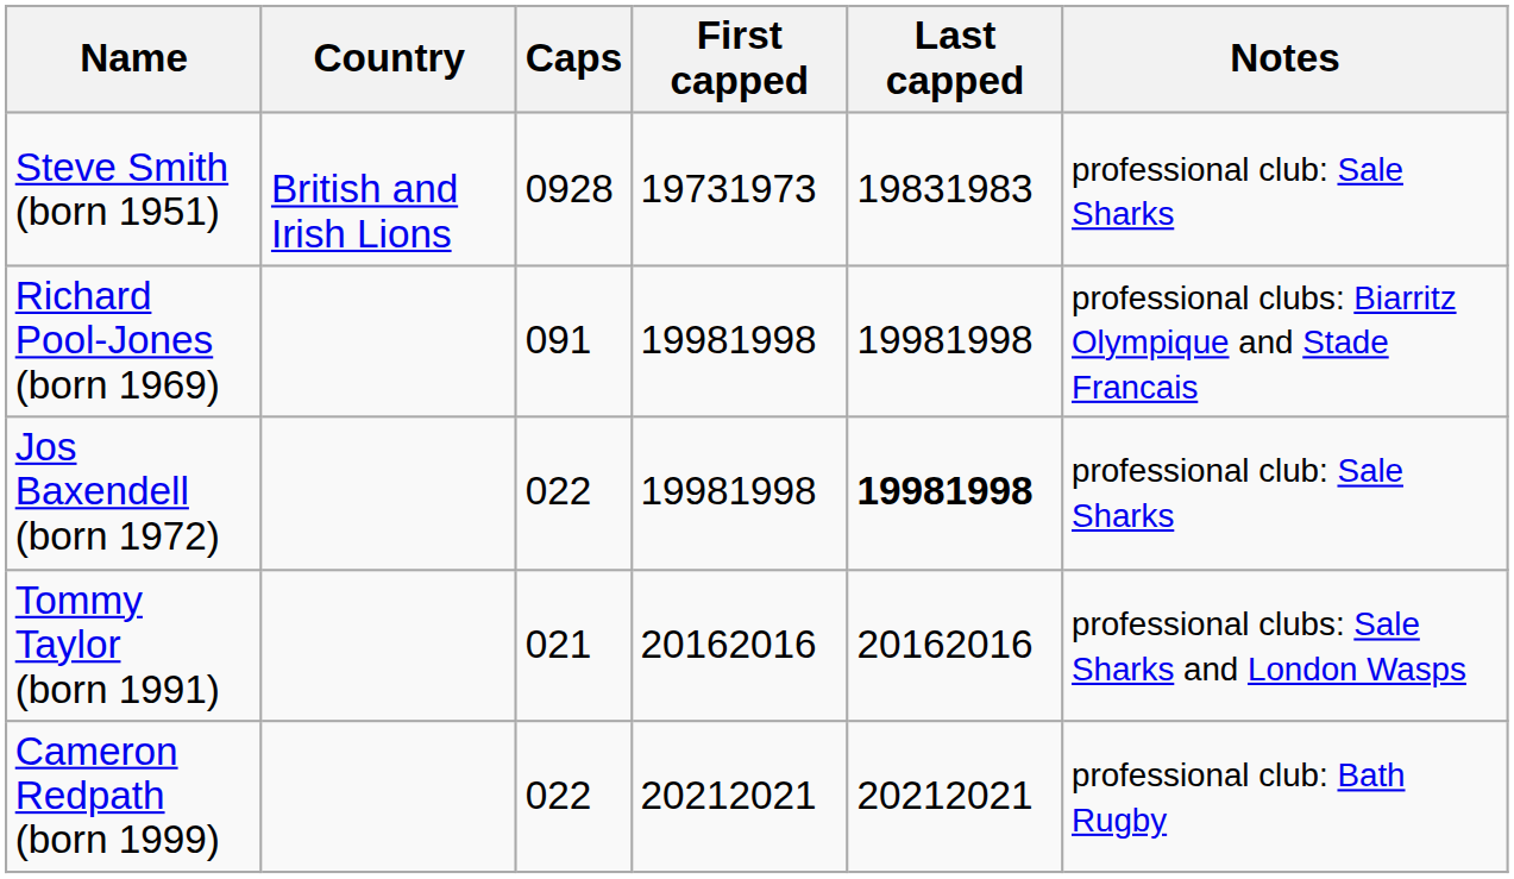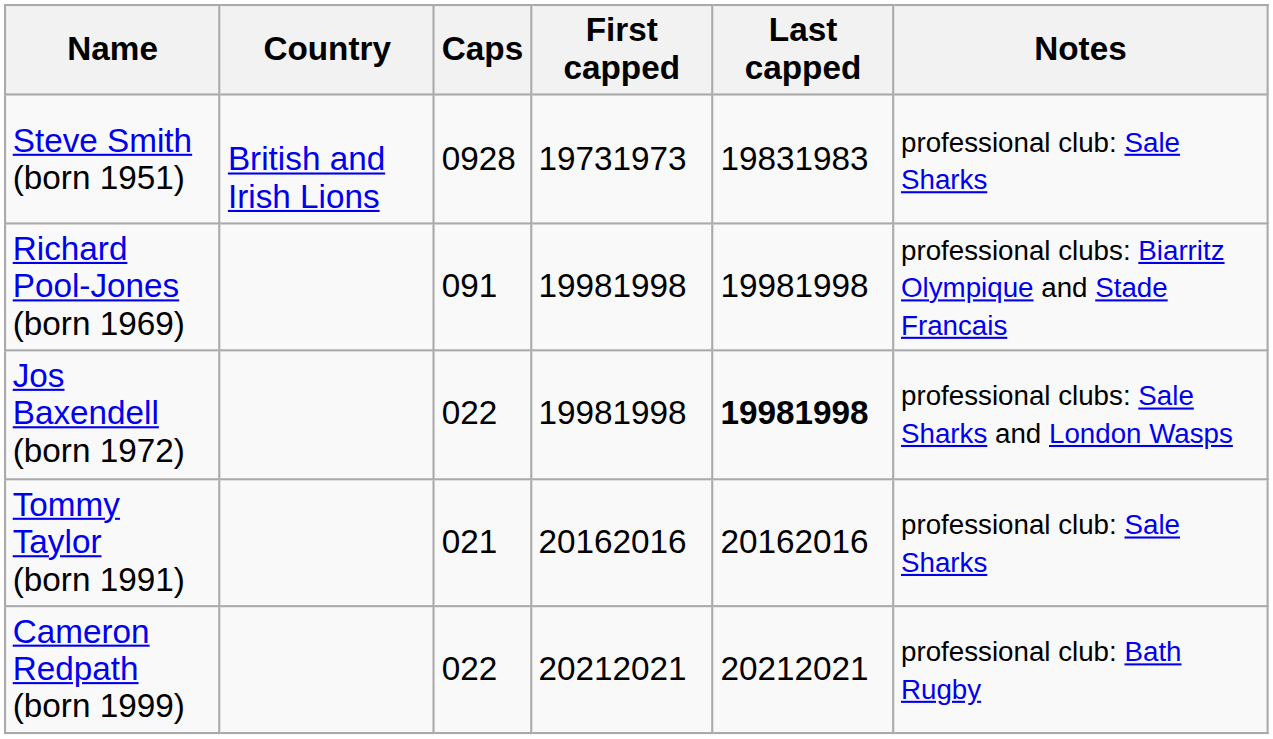 <table class="wikitable collapsible sortable collapsed" class="wikitable" style="font-size:95">
 <tr>
 <th>Name</th>
 <th>Country</th>
 <th>Caps</th>
 <th>First capped</th>
 <th>Last capped</th>
 <th>Notes</th>
 </tr>
 <tr>
 <td><a href='#'>Steve Smith</a><br>(born 1951)</td>
 <td><br> <a href='#'>British and Irish Lions</a></td>
 <td><span>09</span>28</td>
 <td><span>1973</span>1973</td>
 <td><span>1983</span>1983</td>
 <td><small>professional club: <a href='#'>Sale Sharks</a></small></td>
 </tr>
 <tr>
 <td><a href='#'>Richard Pool-Jones</a><br>(born 1969)</td>
 <td></td>
 <td><span>09</span>1</td>
 <td><span>1998</span>1998</td>
 <td><span>1998</span>1998</td>
 <td><small>professional clubs: <a href='#'>Biarritz Olympique</a> and <a href='#'>Stade Francais</a></small></td>
 </tr>
 <tr>
 <td><a href='#'>Jos Baxendell</a><br>(born 1972)</td>
 <td></td>
 <td><span>02</span>2</td>
 <td><span>1998</span>1998</td>
 <td><strong><span>1998</span>1998</strong></td>
-<td><small>professional club: <a href='#'>Sale Sharks</a></small></td>
+<td><small>professional clubs: <a href='#'>Sale Sharks</a> and <a href='#'>London Wasps</a></small></td>
 </tr>
 <tr>
 <td><a href='#'>Tommy Taylor</a><br>(born 1991)</td>
 <td></td>
 <td><span>02</span>1</td>
 <td><span>2016</span>2016</td>
 <td><span>2016</span>2016</td>
-<td><small>professional clubs: <a href='#'>Sale Sharks</a> and <a href='#'>London Wasps</a></small></td>
+<td><small>professional club: <a href='#'>Sale Sharks</a></small></td>
 </tr>
 <tr>
 <td><a href='#'>Cameron Redpath</a><br>(born 1999)</td>
 <td></td>
 <td><span>02</span>2</td>
 <td><span>2021</span>2021</td>
 <td><span>2021</span>2021</td>
 <td><small>professional club: <a href='#'>Bath Rugby</a></small></td>
 </tr>
 </table>
